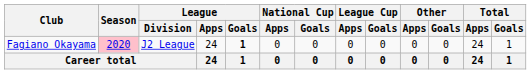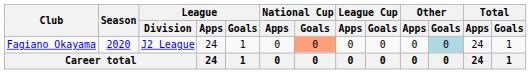 <table class="wikitable" style="text-align: center">
 <tr>
 <th rowspan="2">Club</th>
 <th rowspan="2">Season</th>
 <th colspan="3">League</th>
 <th colspan="2">National Cup</th>
 <th colspan="2">League Cup</th>
 <th colspan="2">Other</th>
 <th colspan="2">Total</th>
 </tr>
 <tr>
 <th>Division</th>
 <th>Apps</th>
 <th>Goals</th>
 <th>Apps</th>
 <th>Goals</th>
 <th>Apps</th>
 <th>Goals</th>
 <th>Apps</th>
 <th>Goals</th>
 <th>Apps</th>
 <th>Goals</th>
 </tr>
 <tr>
 <td><a href='#'>Fagiano Okayama</a></td>
-<td style="background: pink;"><a href='#'>2020</a></td>
+<td><a href='#'>2020</a></td>
 <td><a href='#'>J2 League</a></td>
 <td>24</td>
-<td><strong>1</strong></td>
+<td>1</td>
+<td>0</td>
+<td style="background: lightsalmon;">0</td>
 <td>0</td>
 <td>0</td>
 <td>0</td>
-<td>0</td>
-<td>0</td>
-<td>0</td>
+<td style="background: lightblue;">0</td>
 <td>24</td>
 <td>1</td>
 </tr>
 <tr>
 <th colspan=3>Career total</th>
 <th>24</th>
 <th>1</th>
 <th>0</th>
 <th>0</th>
 <th>0</th>
 <th>0</th>
 <th>0</th>
 <th>0</th>
 <th>24</th>
 <th>1</th>
 </tr>
 </table>
